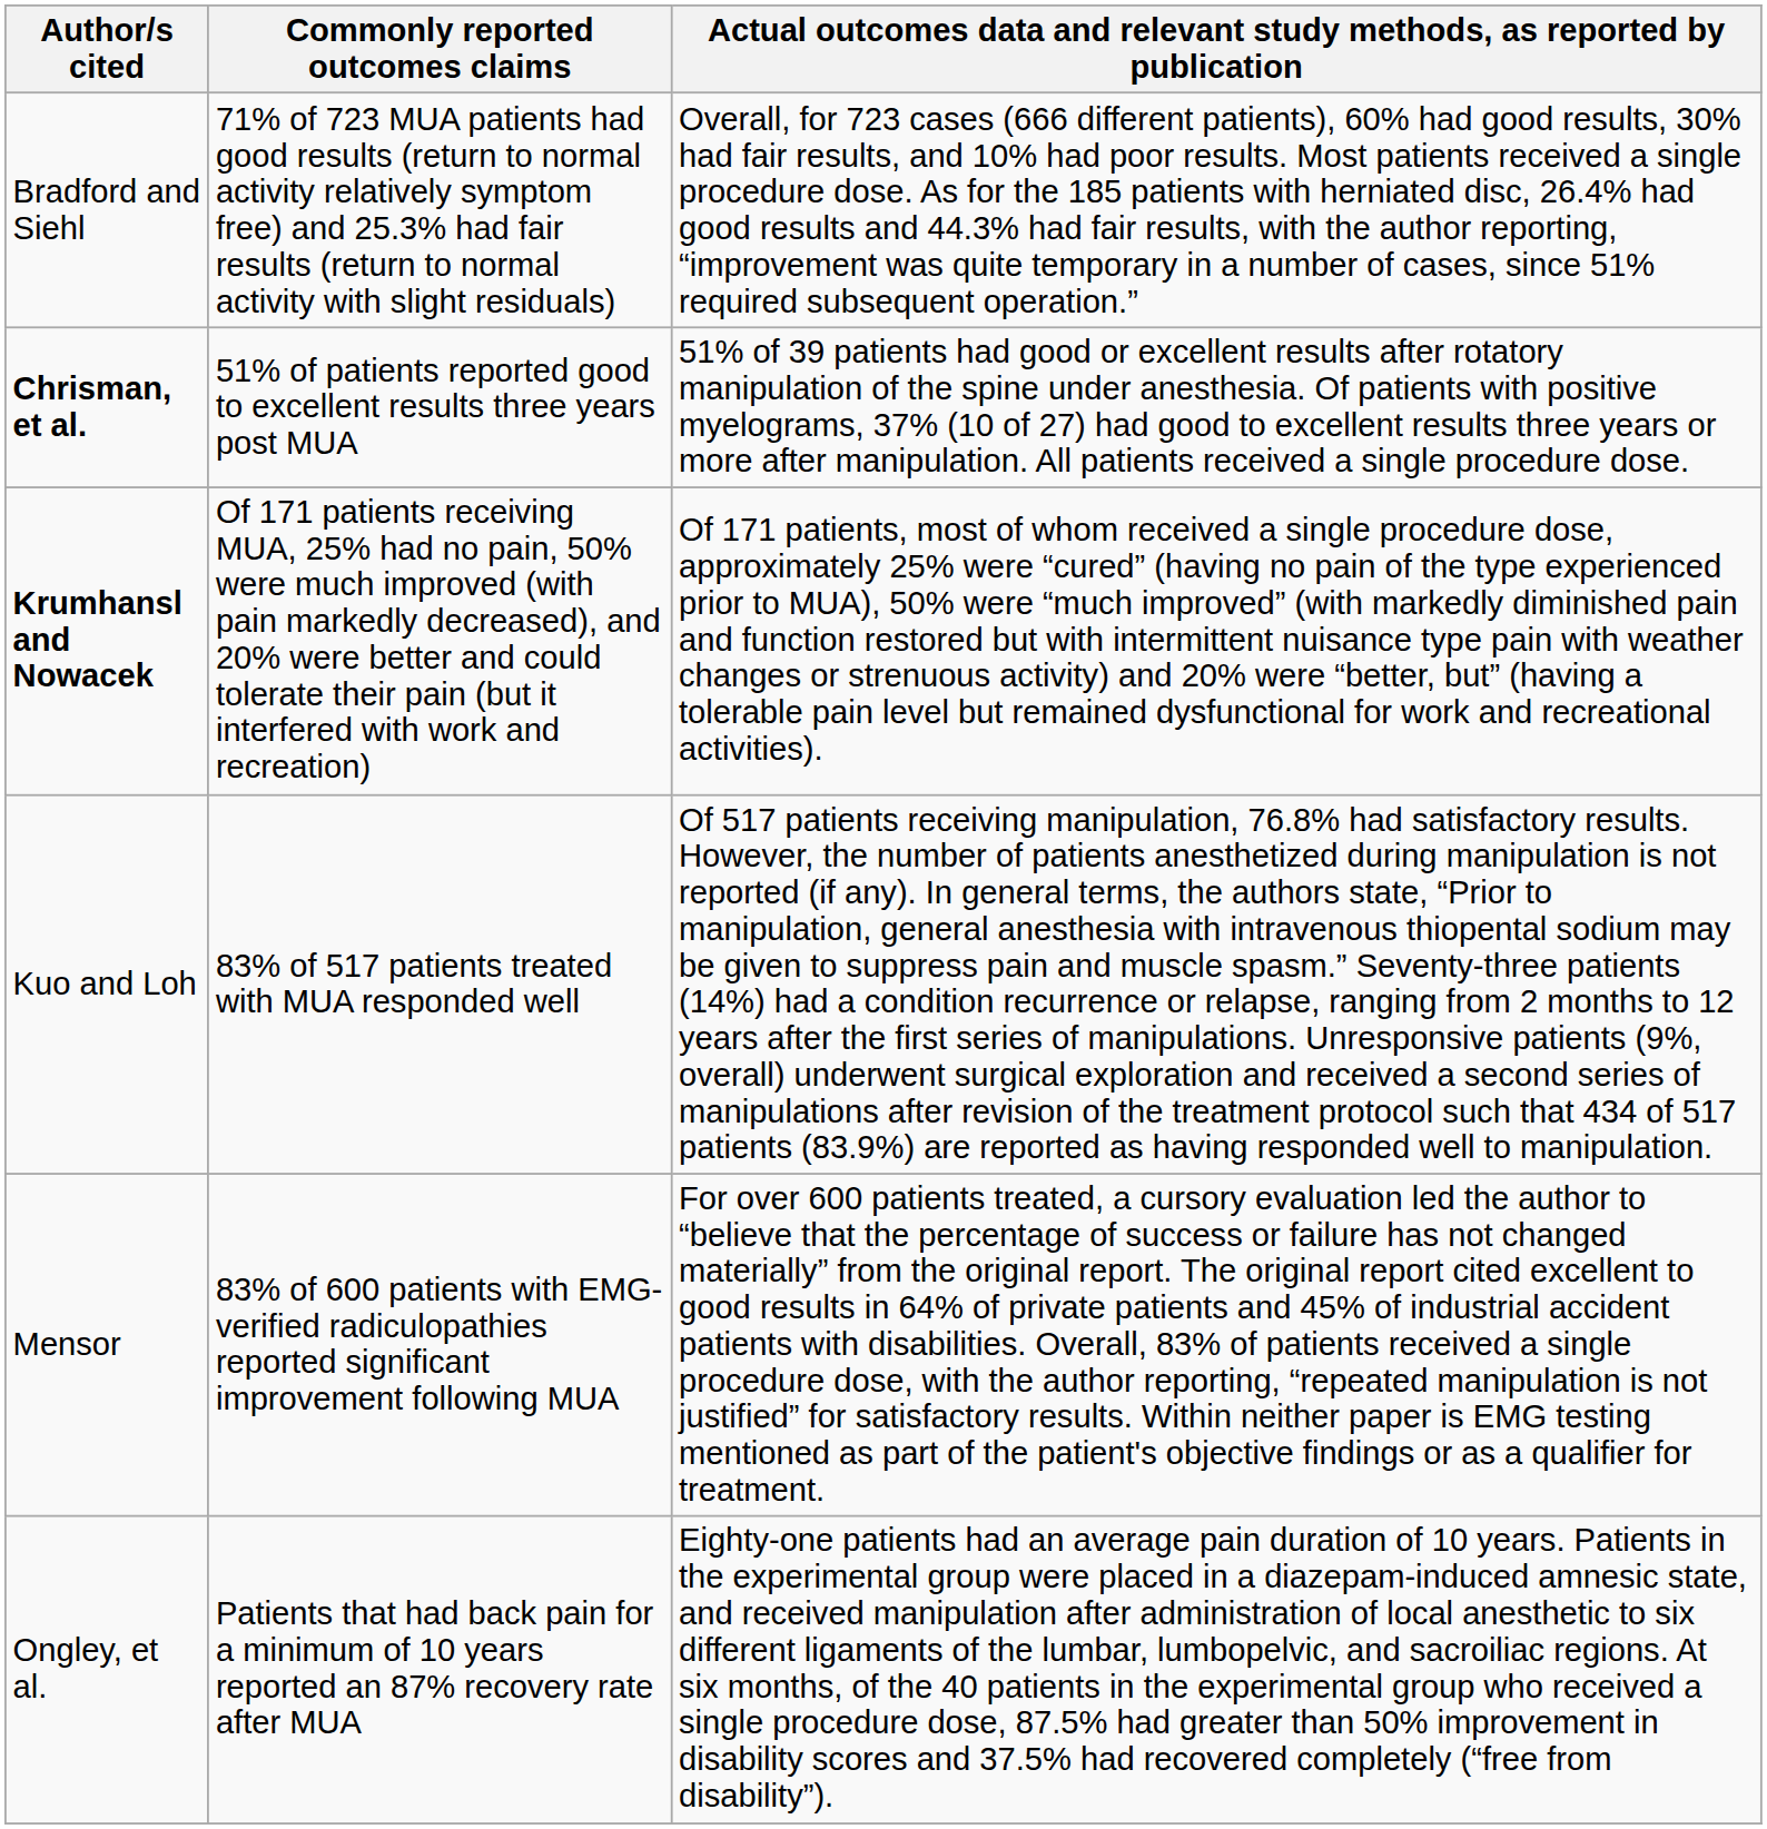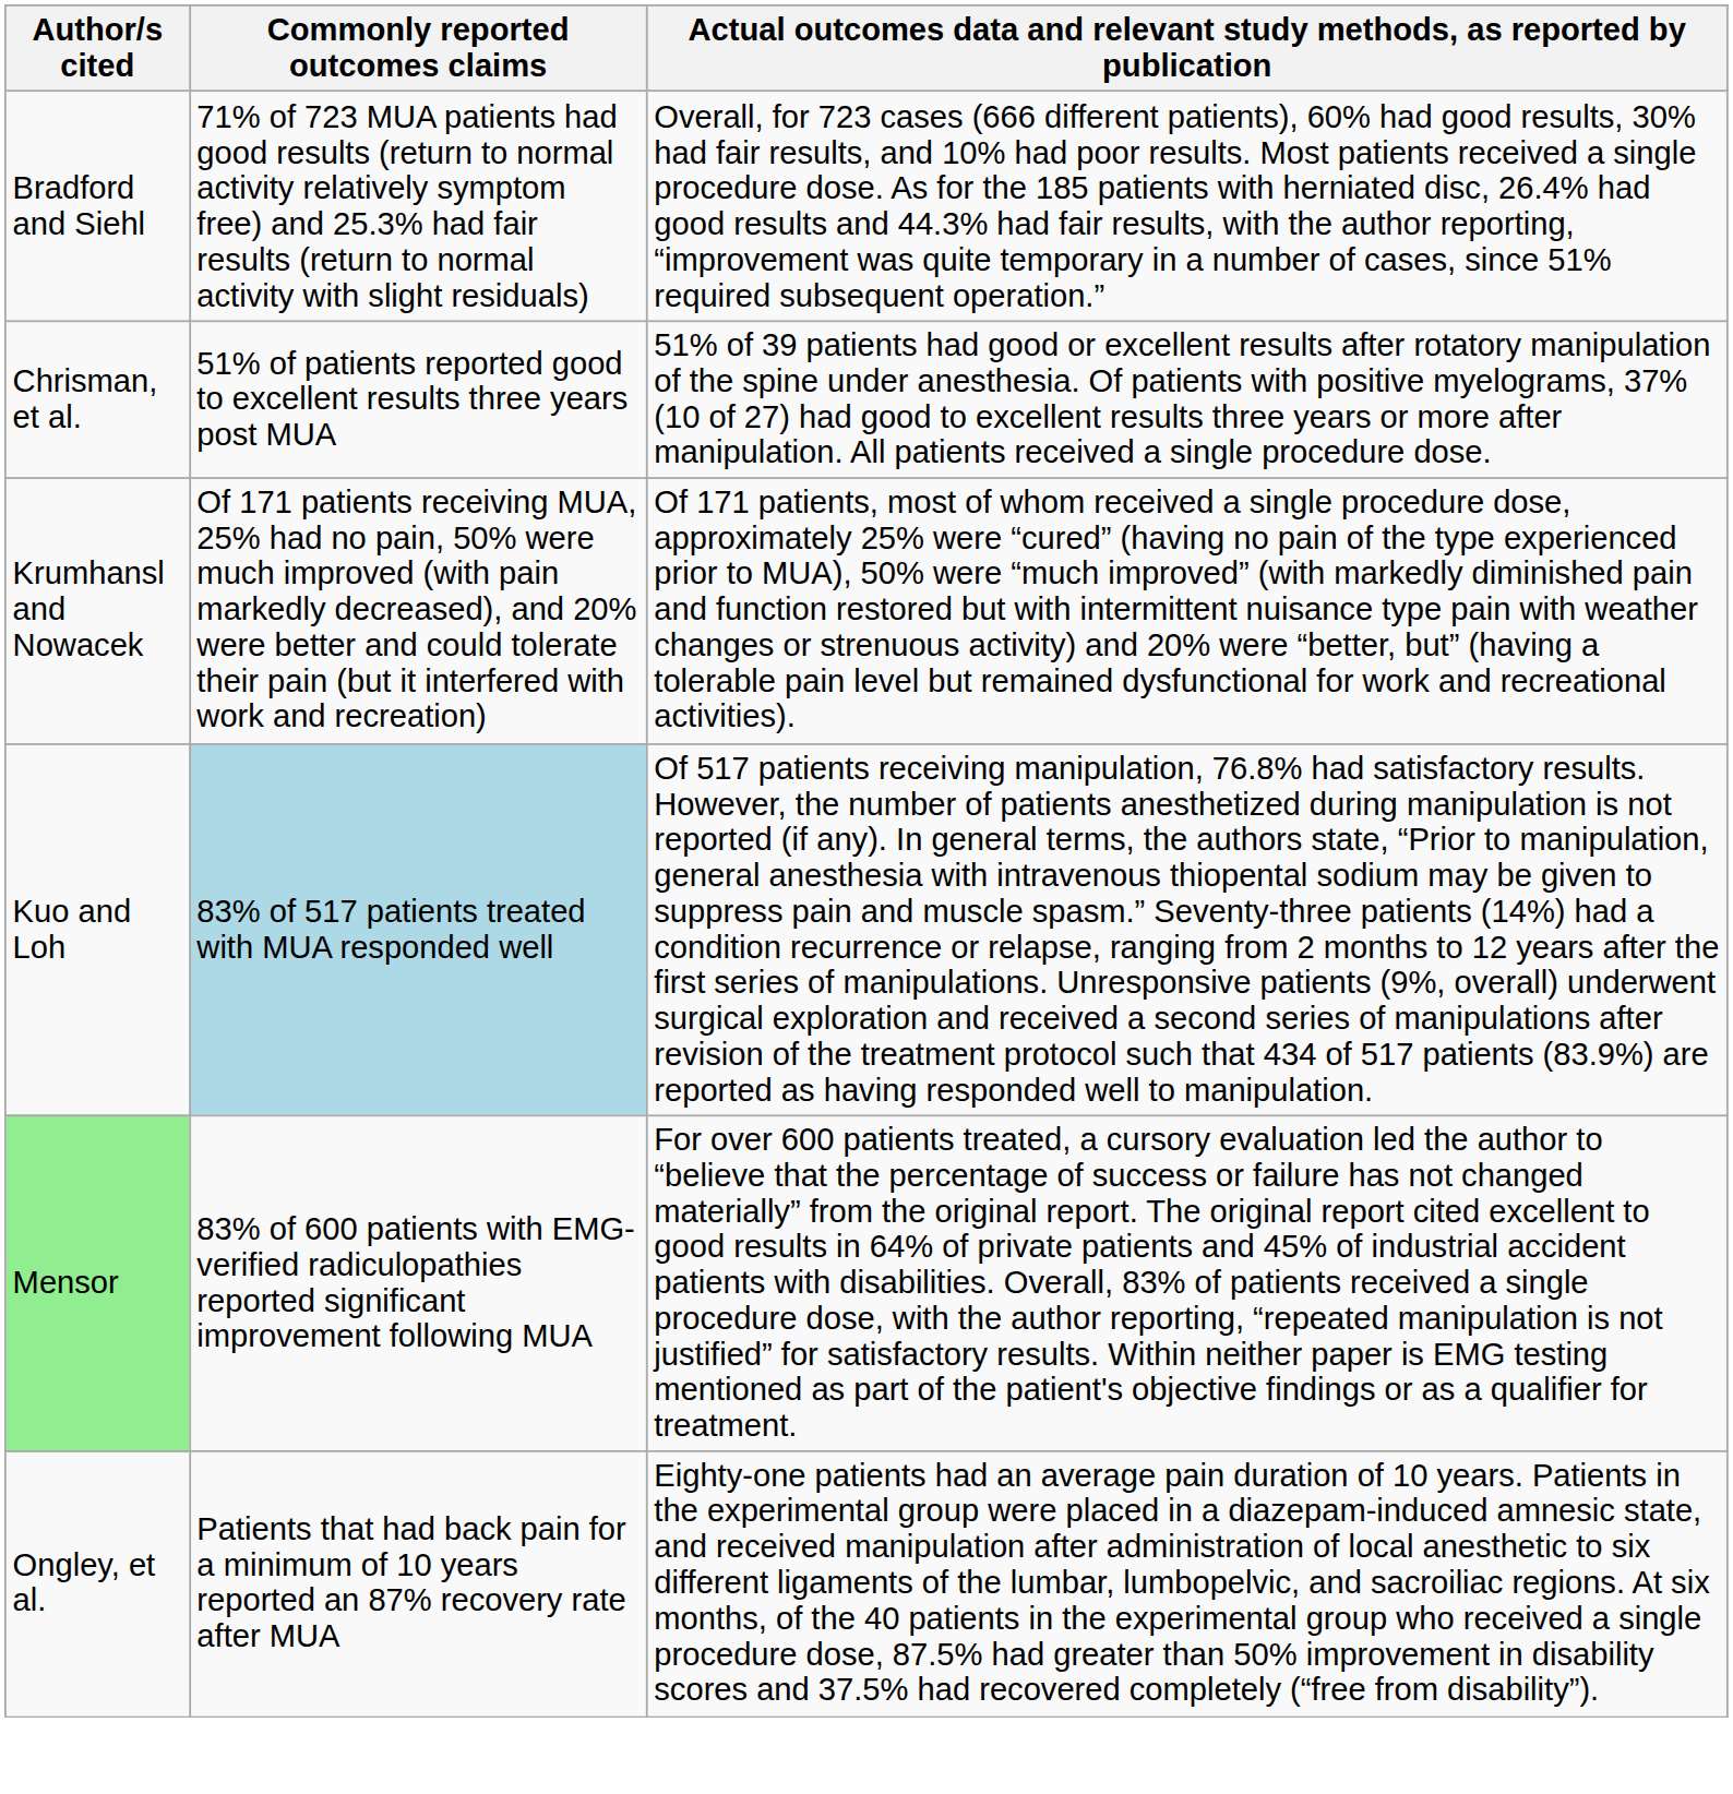 <table class="wikitable">
 <tr>
 <th>Author/s cited</th>
 <th>Commonly reported outcomes claims</th>
 <th>Actual outcomes data and relevant study methods, as reported by publication</th>
 </tr>
 <tr>
 <td>Bradford and Siehl</td>
 <td>71% of 723 MUA patients had good results (return to normal activity relatively symptom free) and 25.3% had fair results (return to normal activity with slight residuals)</td>
 <td>Overall, for 723 cases (666 different patients), 60% had good results, 30% had fair results, and 10% had poor results. Most patients received a single procedure dose. As for the 185 patients with herniated disc, 26.4% had good results and 44.3% had fair results, with the author reporting, “improvement was quite temporary in a number of cases, since 51% required subsequent operation.” </td>
 </tr>
 <tr>
-<td><strong>Chrisman, et al.</strong></td>
+<td>Chrisman, et al.</td>
 <td>51% of patients reported good to excellent results three years post MUA</td>
 <td>51% of 39 patients had good or excellent results after rotatory manipulation of the spine under anesthesia. Of patients with positive myelograms, 37% (10 of 27) had good to excellent results three years or more after manipulation. All patients received a single procedure dose.</td>
 </tr>
 <tr>
-<td><strong>Krumhansl and Nowacek</strong></td>
+<td>Krumhansl and Nowacek</td>
 <td>Of 171 patients receiving MUA, 25% had no pain, 50% were much improved (with pain markedly decreased), and 20% were better and could tolerate their pain (but it interfered with work and recreation)</td>
 <td>Of 171 patients, most of whom received a single procedure dose, approximately 25% were “cured” (having no pain of the type experienced prior to MUA), 50% were “much improved” (with markedly diminished pain and function restored but with intermittent nuisance type pain with weather changes or strenuous activity) and 20% were “better, but” (having a tolerable pain level but remained dysfunctional for work and recreational activities).</td>
 </tr>
 <tr>
 <td>Kuo and Loh</td>
-<td>83% of 517 patients treated with MUA responded well</td>
+<td style="background: lightblue;">83% of 517 patients treated with MUA responded well</td>
 <td>Of 517 patients receiving manipulation, 76.8% had satisfactory results. However, the number of patients anesthetized during manipulation is not reported (if any).  In general terms, the authors state, “Prior to manipulation, general anesthesia with intravenous thiopental sodium may be given to suppress pain and muscle spasm.” Seventy-three patients (14%) had a condition recurrence or relapse, ranging from 2 months to 12 years after the first series of manipulations. Unresponsive patients (9%, overall) underwent surgical exploration and received a second series of manipulations after revision of the treatment protocol such that 434 of 517 patients (83.9%) are reported as having responded well to manipulation.</td>
 </tr>
 <tr>
-<td>Mensor</td>
+<td style="background: lightgreen;">Mensor</td>
 <td>83% of 600 patients with EMG-verified radiculopathies reported significant improvement following MUA</td>
 <td>For over 600 patients treated, a cursory evaluation led the author to “believe that the percentage of success or failure has not changed materially” from the original report. The original report cited excellent to good results in 64% of private patients and 45% of industrial accident patients with disabilities.  Overall, 83% of patients received a single procedure dose, with the author reporting, “repeated manipulation is not justified” for satisfactory results.  Within neither paper is EMG testing mentioned as part of the patient's objective findings or as a qualifier for treatment.</td>
 </tr>
 <tr>
 <td>Ongley, et al.</td>
 <td>Patients that had back pain for a minimum of 10 years reported an 87% recovery rate after MUA</td>
 <td>Eighty-one patients had an average pain duration of 10 years.  Patients in the experimental group were placed in a diazepam-induced amnesic state, and received manipulation after administration of local anesthetic to six different ligaments of the lumbar, lumbopelvic, and sacroiliac regions. At six months, of the 40 patients in the experimental group who received a single procedure dose, 87.5% had greater than 50% improvement in disability scores and 37.5% had recovered completely (“free from disability”).</td>
 </tr>
 <tr>
 </tr>
 </table>
